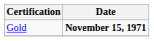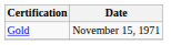 <table class="wikitable">
 <tr>
 <th align="left">Certification</th>
 <th align="left">Date</th>
 </tr>
 <tr>
 <td align="left"><a href='#'>Gold</a></td>
-<td align="left"><strong>November 15, 1971</strong></td>
+<td align="left">November 15, 1971</td>
 </tr>
 <tr>
 </tr>
 </table>
